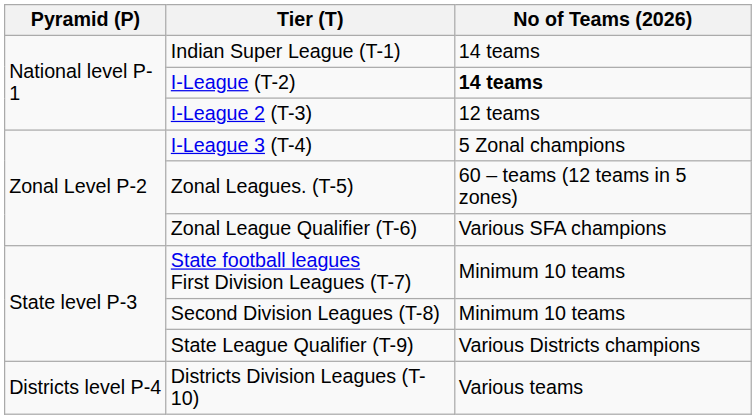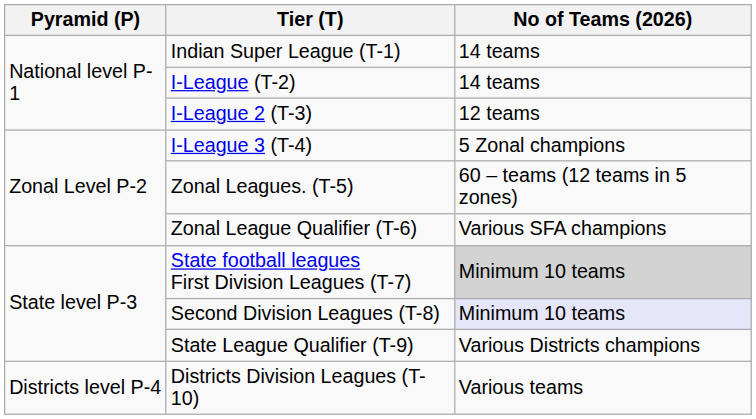 <table class="wikitable">
 <tr>
 <th>Pyramid (P)</th>
 <th>Tier (T)</th>
 <th>No of Teams (2026)</th>
 </tr>
 <tr>
 <td rowspan="3">National level P-1</td>
 <td>Indian Super League (T-1)</td>
 <td>14 teams</td>
 </tr>
 <tr>
 <td><a href='#'>I-League</a> (T-2)</td>
-<td><strong>14 teams</strong></td>
+<td>14 teams</td>
 </tr>
 <tr>
 <td><a href='#'>I-League 2</a> (T-3)</td>
 <td>12 teams</td>
 </tr>
 <tr>
 <td rowspan="3">Zonal Level P-2</td>
 <td><a href='#'>I-League 3</a> (T-4)</td>
 <td>5 Zonal champions</td>
 </tr>
 <tr>
 <td>Zonal Leagues. (T-5)</td>
 <td>60 – teams (12 teams in 5 zones)</td>
 </tr>
 <tr>
 <td>Zonal League Qualifier (T-6)</td>
 <td>Various SFA champions</td>
 </tr>
 <tr>
 <td rowspan="3">State level P-3</td>
 <td><a href='#'>State football leagues</a><br>First Division Leagues (T-7)</td>
-<td>Minimum 10 teams</td>
+<td style="background: lightgrey;">Minimum 10 teams</td>
 </tr>
 <tr>
 <td>Second Division Leagues (T-8)</td>
-<td>Minimum 10 teams</td>
+<td style="background: lavender;">Minimum 10 teams</td>
 </tr>
 <tr>
 <td>State League Qualifier (T-9)</td>
 <td>Various Districts champions</td>
 </tr>
 <tr>
 <td rowspan="1">Districts level P-4</td>
 <td>Districts Division Leagues (T-10)</td>
 <td>Various teams</td>
 </tr>
 </table>
